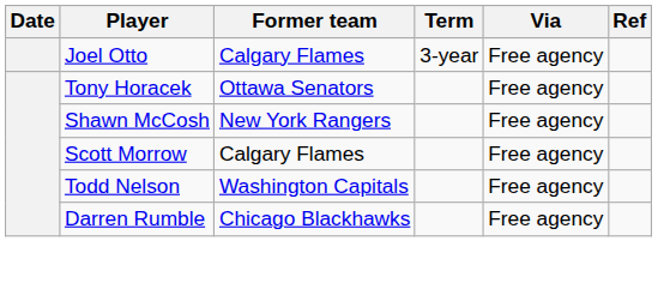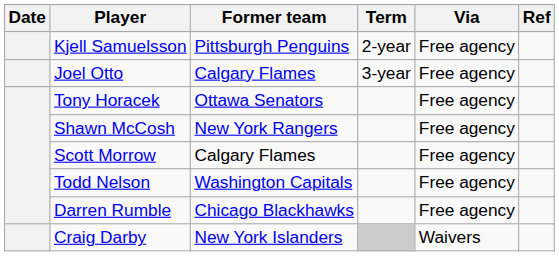 <table class="wikitable plainrowheaders">
 <tr style="background:#ddd; text-align:center;">
 <th>Date</th>
 <th>Player</th>
 <th>Former team</th>
 <th>Term</th>
 <th>Via</th>
 <th>Ref</th>
+</tr>
+<tr>
+<th scope="row"></th>
+<td><a href='#'>Kjell Samuelsson</a></td>
+<td><a href='#'>Pittsburgh Penguins</a></td>
+<td>2-year</td>
+<td>Free agency</td>
+<td></td>
 </tr>
 <tr>
 <th scope="row"></th>
 <td><a href='#'>Joel Otto</a></td>
 <td><a href='#'>Calgary Flames</a></td>
 <td>3-year</td>
 <td>Free agency</td>
 <td></td>
 </tr>
 <tr>
 <th scope="row" rowspan=5></th>
 <td><a href='#'>Tony Horacek</a></td>
 <td><a href='#'>Ottawa Senators</a></td>
 <td></td>
 <td>Free agency</td>
 <td></td>
 </tr>
 <tr>
 <td><a href='#'>Shawn McCosh</a></td>
 <td><a href='#'>New York Rangers</a></td>
 <td></td>
 <td>Free agency</td>
 <td></td>
 </tr>
 <tr>
 <td><a href='#'>Scott Morrow</a></td>
 <td>Calgary Flames</td>
 <td></td>
 <td>Free agency</td>
 <td></td>
 </tr>
 <tr>
 <td><a href='#'>Todd Nelson</a></td>
 <td><a href='#'>Washington Capitals</a></td>
 <td></td>
 <td>Free agency</td>
 <td></td>
 </tr>
 <tr>
 <td><a href='#'>Darren Rumble</a></td>
 <td><a href='#'>Chicago Blackhawks</a></td>
 <td></td>
 <td>Free agency</td>
 <td></td>
 </tr>
+<tr>
+<th scope="row"></th>
+<td><a href='#'>Craig Darby</a></td>
+<td><a href='#'>New York Islanders</a></td>
+<td style="background:#ccc"></td>
+<td>Waivers</td>
+<td></td>
+</tr>
 </table>
